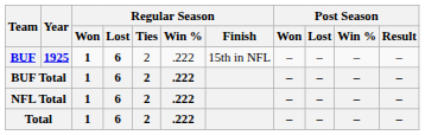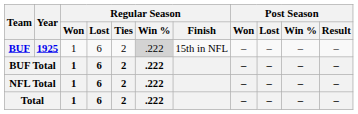 <table class="wikitable" style="font-size: 95%; text-align:center;">
 <tr>
 <th rowspan="2">Team</th>
 <th rowspan="2">Year</th>
 <th colspan="5">Regular Season</th>
 <th colspan="4">Post Season</th>
 </tr>
 <tr>
 <th>Won</th>
 <th>Lost</th>
 <th>Ties</th>
 <th>Win %</th>
 <th>Finish</th>
 <th>Won</th>
 <th>Lost</th>
 <th>Win %</th>
 <th>Result</th>
 </tr>
 <tr>
 <th><a href='#'>BUF</a></th>
 <th><a href='#'>1925</a></th>
-<td><strong>1</strong></td>
-<td><strong>6</strong></td>
+<td>1</td>
+<td>6</td>
 <td>2</td>
-<td>.222</td>
+<td style="background: lightgrey;">.222</td>
 <td>15th in NFL</td>
 <td>–</td>
 <td>–</td>
 <td>–</td>
 <td>–</td>
 </tr>
 <tr>
 <th colspan="2">BUF Total</th>
 <th>1</th>
 <th>6</th>
 <th>2</th>
 <th>.222</th>
 <th></th>
 <th>–</th>
 <th>–</th>
 <th>–</th>
 <th>–</th>
 </tr>
 <tr>
 <th colspan="2">NFL Total</th>
 <th>1</th>
 <th>6</th>
 <th>2</th>
 <th>.222</th>
 <th></th>
 <th>–</th>
 <th>–</th>
 <th>–</th>
 <th>–</th>
 </tr>
 <tr>
 <th colspan="2">Total</th>
 <th>1</th>
 <th>6</th>
 <th>2</th>
 <th>.222</th>
 <th></th>
 <th>–</th>
 <th>–</th>
 <th>–</th>
 <th>–</th>
 </tr>
 </table>
